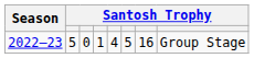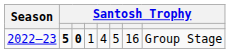 <table class="wikitable sortable" style="text-align: center">
 <tr>
 <th scope="col" rowspan="2">Season</th>
 <th colspan=7 class="unsortable"><a href='#'>Santosh Trophy</a></th>
 </tr>
 <tr>
 <th></th>
 <th></th>
 <th></th>
 <th></th>
 <th></th>
 <th></th>
 <th></th>
 </tr>
 <tr style=>
 <td><a href='#'>2022–23</a></td>
-<td>5</td>
-<td>0</td>
+<td><strong>5</strong></td>
+<td><strong>0</strong></td>
 <td>1</td>
 <td>4</td>
 <td>5</td>
 <td>16</td>
 <td>Group Stage</td>
 </tr>
 </table>
